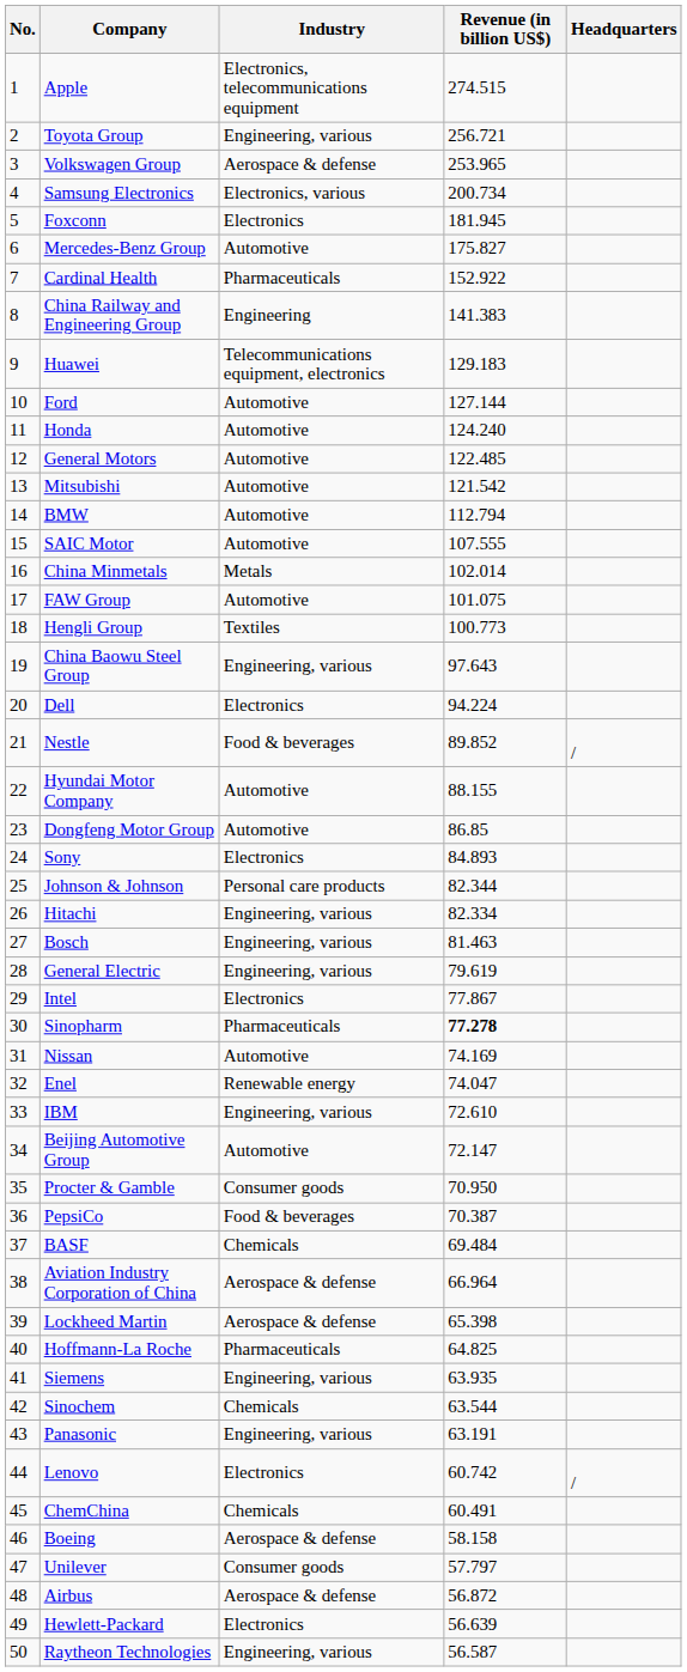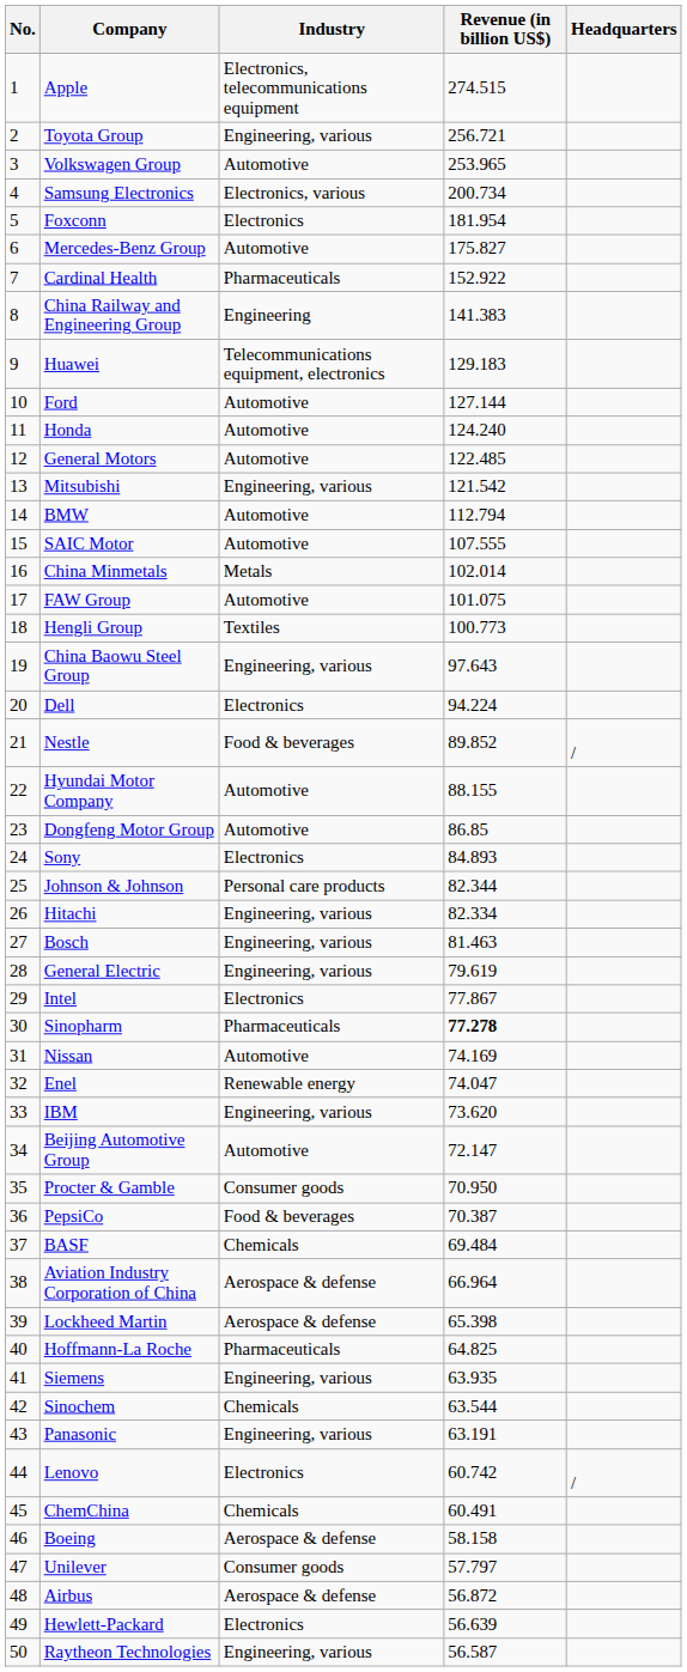 <table class="wikitable sortable plainrowheads" ;">
 <tr>
 <th scope="col">No.</th>
 <th scope="col">Company</th>
 <th scope="col">Industry</th>
 <th scope="col">Revenue (in billion US$)</th>
 <th scope="col">Headquarters</th>
 </tr>
 <tr>
 <td>1</td>
 <td><a href='#'>Apple</a></td>
 <td>Electronics, telecommunications equipment</td>
 <td>274.515</td>
 <td></td>
 </tr>
 <tr>
 <td>2</td>
 <td><a href='#'>Toyota Group</a></td>
 <td>Engineering, various</td>
 <td>256.721</td>
 <td></td>
 </tr>
 <tr>
 <td>3</td>
 <td><a href='#'>Volkswagen Group</a></td>
-<td>Aerospace & defense</td>
+<td>Automotive</td>
 <td>253.965</td>
 <td></td>
 </tr>
 <tr>
 <td>4</td>
 <td><a href='#'>Samsung Electronics</a></td>
 <td>Electronics, various</td>
 <td>200.734</td>
 <td></td>
 </tr>
 <tr>
 <td>5</td>
 <td><a href='#'>Foxconn</a></td>
 <td>Electronics</td>
-<td>181.945</td>
+<td>181.954</td>
 <td></td>
 </tr>
 <tr>
 <td>6</td>
 <td><a href='#'>Mercedes-Benz Group</a></td>
 <td>Automotive</td>
 <td>175.827</td>
 <td></td>
 </tr>
 <tr>
 <td>7</td>
 <td><a href='#'>Cardinal Health</a></td>
 <td>Pharmaceuticals</td>
 <td>152.922</td>
 <td></td>
 </tr>
 <tr>
 <td>8</td>
 <td><a href='#'>China Railway and Engineering Group</a></td>
 <td>Engineering</td>
 <td>141.383</td>
 <td></td>
 </tr>
 <tr>
 <td>9</td>
 <td><a href='#'>Huawei</a></td>
 <td>Telecommunications equipment, electronics</td>
 <td>129.183</td>
 <td></td>
 </tr>
 <tr>
 <td>10</td>
 <td><a href='#'>Ford</a></td>
 <td>Automotive</td>
 <td>127.144</td>
 <td></td>
 </tr>
 <tr>
 <td>11</td>
 <td><a href='#'>Honda</a></td>
 <td>Automotive</td>
 <td>124.240</td>
 <td></td>
 </tr>
 <tr>
 <td>12</td>
 <td><a href='#'>General Motors</a></td>
 <td>Automotive</td>
 <td>122.485</td>
 <td></td>
 </tr>
 <tr>
 <td>13</td>
 <td><a href='#'>Mitsubishi</a></td>
-<td>Automotive</td>
+<td>Engineering, various</td>
 <td>121.542</td>
 <td></td>
 </tr>
 <tr>
 <td>14</td>
 <td><a href='#'>BMW</a></td>
 <td>Automotive</td>
 <td>112.794</td>
 <td></td>
 </tr>
 <tr>
 <td>15</td>
 <td><a href='#'>SAIC Motor</a></td>
 <td>Automotive</td>
 <td>107.555</td>
 <td></td>
 </tr>
 <tr>
 <td>16</td>
 <td><a href='#'>China Minmetals</a></td>
 <td>Metals</td>
 <td>102.014</td>
 <td></td>
 </tr>
 <tr>
 <td>17</td>
 <td><a href='#'>FAW Group</a></td>
 <td>Automotive</td>
 <td>101.075</td>
 <td></td>
 </tr>
 <tr>
 <td>18</td>
 <td><a href='#'>Hengli Group</a></td>
 <td>Textiles</td>
 <td>100.773</td>
 <td></td>
 </tr>
 <tr>
 <td>19</td>
 <td><a href='#'>China Baowu Steel Group</a></td>
 <td>Engineering, various</td>
 <td>97.643</td>
 <td></td>
 </tr>
 <tr>
 <td>20</td>
 <td><a href='#'>Dell</a></td>
 <td>Electronics</td>
 <td>94.224</td>
 <td></td>
 </tr>
 <tr>
 <td>21</td>
 <td><a href='#'>Nestle</a></td>
 <td>Food & beverages</td>
 <td>89.852</td>
 <td><br>/ </td>
 </tr>
 <tr>
 <td>22</td>
 <td><a href='#'>Hyundai Motor Company</a></td>
 <td>Automotive</td>
 <td>88.155</td>
 <td></td>
 </tr>
 <tr>
 <td>23</td>
 <td><a href='#'>Dongfeng Motor Group</a></td>
 <td>Automotive</td>
 <td>86.85</td>
 <td></td>
 </tr>
 <tr>
 <td>24</td>
 <td><a href='#'>Sony</a></td>
 <td>Electronics</td>
 <td>84.893</td>
 <td></td>
 </tr>
 <tr>
 <td>25</td>
 <td><a href='#'>Johnson & Johnson</a></td>
 <td>Personal care products</td>
 <td>82.344</td>
 <td></td>
 </tr>
 <tr>
 <td>26</td>
 <td><a href='#'>Hitachi</a></td>
 <td>Engineering, various</td>
 <td>82.334</td>
 <td></td>
 </tr>
 <tr>
 <td>27</td>
 <td><a href='#'>Bosch</a></td>
 <td>Engineering, various</td>
 <td>81.463</td>
 <td></td>
 </tr>
 <tr>
 <td>28</td>
 <td><a href='#'>General Electric</a></td>
 <td>Engineering, various</td>
 <td>79.619</td>
 <td></td>
 </tr>
 <tr>
 <td>29</td>
 <td><a href='#'>Intel</a></td>
 <td>Electronics</td>
 <td>77.867</td>
 <td></td>
 </tr>
 <tr>
 <td>30</td>
 <td><a href='#'>Sinopharm</a></td>
 <td>Pharmaceuticals</td>
 <td><strong>77.278</strong></td>
 <td></td>
 </tr>
 <tr>
 <td>31</td>
 <td><a href='#'>Nissan</a></td>
 <td>Automotive</td>
 <td>74.169</td>
 <td></td>
 </tr>
 <tr>
 <td>32</td>
 <td><a href='#'>Enel</a></td>
 <td>Renewable energy</td>
 <td>74.047</td>
 <td></td>
 </tr>
 <tr>
 <td>33</td>
 <td><a href='#'>IBM</a></td>
 <td>Engineering, various</td>
-<td>72.610</td>
+<td>73.620</td>
 <td></td>
 </tr>
 <tr>
 <td>34</td>
 <td><a href='#'>Beijing Automotive Group</a></td>
 <td>Automotive</td>
 <td>72.147</td>
 <td></td>
 </tr>
 <tr>
 <td>35</td>
 <td><a href='#'>Procter & Gamble</a></td>
 <td>Consumer goods</td>
 <td>70.950</td>
 <td></td>
 </tr>
 <tr>
 <td>36</td>
 <td><a href='#'>PepsiCo</a></td>
 <td>Food & beverages</td>
 <td>70.387</td>
 <td></td>
 </tr>
 <tr>
 <td>37</td>
 <td><a href='#'>BASF</a></td>
 <td>Chemicals</td>
 <td>69.484</td>
 <td></td>
 </tr>
 <tr>
 <td>38</td>
 <td><a href='#'>Aviation Industry Corporation of China</a></td>
 <td>Aerospace & defense</td>
 <td>66.964</td>
 <td></td>
 </tr>
 <tr>
 <td>39</td>
 <td><a href='#'>Lockheed Martin</a></td>
 <td>Aerospace & defense</td>
 <td>65.398</td>
 <td></td>
 </tr>
 <tr>
 <td>40</td>
 <td><a href='#'>Hoffmann-La Roche</a></td>
 <td>Pharmaceuticals</td>
 <td>64.825</td>
 <td></td>
 </tr>
 <tr>
 <td>41</td>
 <td><a href='#'>Siemens</a></td>
 <td>Engineering, various</td>
 <td>63.935</td>
 <td></td>
 </tr>
 <tr>
 <td>42</td>
 <td><a href='#'>Sinochem</a></td>
 <td>Chemicals</td>
 <td>63.544</td>
 <td></td>
 </tr>
 <tr>
 <td>43</td>
 <td><a href='#'>Panasonic</a></td>
 <td>Engineering, various</td>
 <td>63.191</td>
 <td></td>
 </tr>
 <tr>
 <td>44</td>
 <td><a href='#'>Lenovo</a></td>
 <td>Electronics</td>
 <td>60.742</td>
 <td><br>/ </td>
 </tr>
 <tr>
 <td>45</td>
 <td><a href='#'>ChemChina</a></td>
 <td>Chemicals</td>
 <td>60.491</td>
 <td></td>
 </tr>
 <tr>
 <td>46</td>
 <td><a href='#'>Boeing</a></td>
 <td>Aerospace & defense</td>
 <td>58.158</td>
 <td></td>
 </tr>
 <tr>
 <td>47</td>
 <td><a href='#'>Unilever</a></td>
 <td>Consumer goods</td>
 <td>57.797</td>
 <td></td>
 </tr>
 <tr>
 <td>48</td>
 <td><a href='#'>Airbus</a></td>
 <td>Aerospace & defense</td>
 <td>56.872</td>
 <td></td>
 </tr>
 <tr>
 <td>49</td>
 <td><a href='#'>Hewlett-Packard</a></td>
 <td>Electronics</td>
 <td>56.639</td>
 <td></td>
 </tr>
 <tr>
 <td>50</td>
 <td><a href='#'>Raytheon Technologies</a></td>
 <td>Engineering, various</td>
 <td>56.587</td>
 <td></td>
 </tr>
 </table>
